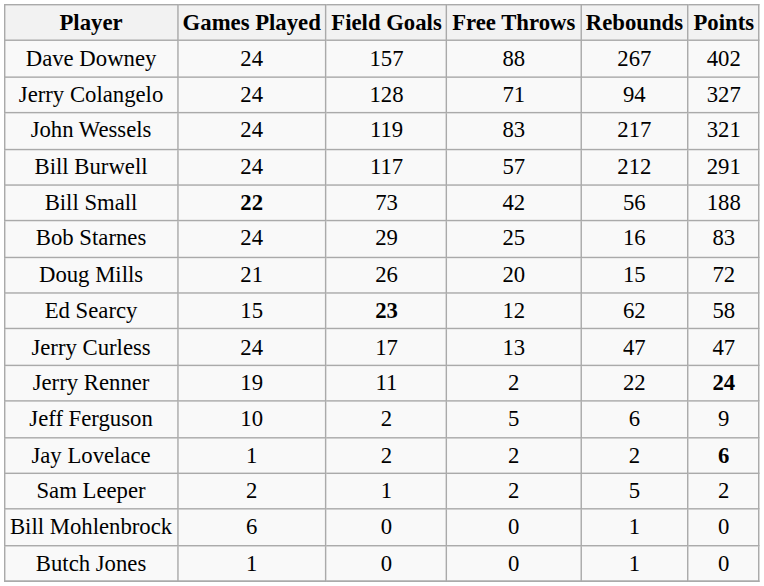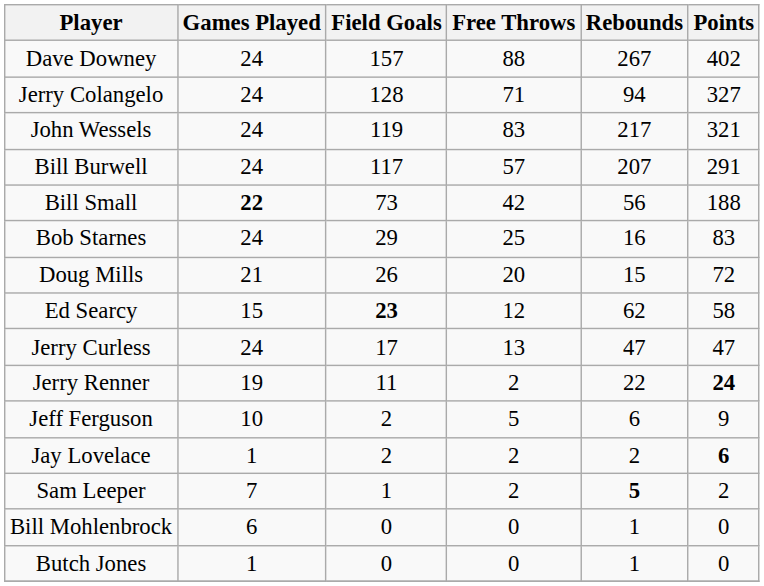 <table class="wikitable sortable">
 <tr>
 <th>Player</th>
 <th>Games Played</th>
 <th>Field Goals</th>
 <th>Free Throws</th>
 <th>Rebounds</th>
 <th>Points</th>
 </tr>
 <tr align="center" bgcolor="">
 <td>Dave Downey</td>
 <td>24</td>
 <td>157</td>
 <td>88</td>
 <td>267</td>
 <td>402</td>
 </tr>
 <tr align="center" bgcolor="">
 <td>Jerry Colangelo</td>
 <td>24</td>
 <td>128</td>
 <td>71</td>
 <td>94</td>
 <td>327</td>
 </tr>
 <tr align="center" bgcolor="">
 <td>John Wessels</td>
 <td>24</td>
 <td>119</td>
 <td>83</td>
 <td>217</td>
 <td>321</td>
 </tr>
 <tr align="center" bgcolor="">
 <td>Bill Burwell</td>
 <td>24</td>
 <td>117</td>
 <td>57</td>
-<td>212</td>
+<td>207</td>
 <td>291</td>
 </tr>
 <tr align="center" bgcolor="">
 <td>Bill Small</td>
 <td><strong>22</strong></td>
 <td>73</td>
 <td>42</td>
 <td>56</td>
 <td>188</td>
 </tr>
 <tr align="center" bgcolor="">
 <td>Bob Starnes</td>
 <td>24</td>
 <td>29</td>
 <td>25</td>
 <td>16</td>
 <td>83</td>
 </tr>
 <tr align="center" bgcolor="">
 <td>Doug Mills</td>
 <td>21</td>
 <td>26</td>
 <td>20</td>
 <td>15</td>
 <td>72</td>
 </tr>
 <tr align="center" bgcolor="">
 <td>Ed Searcy</td>
 <td>15</td>
 <td><strong>23</strong></td>
 <td>12</td>
 <td>62</td>
 <td>58</td>
 </tr>
 <tr align="center" bgcolor="">
 <td>Jerry Curless</td>
 <td>24</td>
 <td>17</td>
 <td>13</td>
 <td>47</td>
 <td>47</td>
 </tr>
 <tr align="center" bgcolor="">
 <td>Jerry Renner</td>
 <td>19</td>
 <td>11</td>
 <td>2</td>
 <td>22</td>
 <td><strong>24</strong></td>
 </tr>
 <tr align="center" bgcolor="">
 <td>Jeff Ferguson</td>
 <td>10</td>
 <td>2</td>
 <td>5</td>
 <td>6</td>
 <td>9</td>
 </tr>
 <tr align="center" bgcolor="">
 <td>Jay Lovelace</td>
 <td>1</td>
 <td>2</td>
 <td>2</td>
 <td>2</td>
 <td><strong>6</strong></td>
 </tr>
 <tr align="center" bgcolor="">
 <td>Sam Leeper</td>
-<td>2</td>
+<td>7</td>
 <td>1</td>
 <td>2</td>
-<td>5</td>
+<td><strong>5</strong></td>
 <td>2</td>
 </tr>
 <tr align="center" bgcolor="">
 <td>Bill Mohlenbrock</td>
 <td>6</td>
 <td>0</td>
 <td>0</td>
 <td>1</td>
 <td>0</td>
 </tr>
 <tr align="center" bgcolor="">
 <td>Butch Jones</td>
 <td>1</td>
 <td>0</td>
 <td>0</td>
 <td>1</td>
 <td>0</td>
 </tr>
 <tr align="center" bgcolor="">
 </tr>
 </table>
